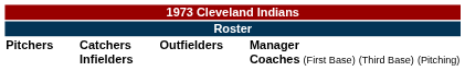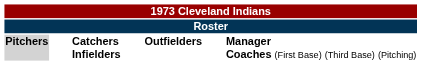 <table class="toccolours" style="font-size: 95%;">
 <tr>
 <th colspan="10" style="background-color: #990000; color: white; text-align: center;">1973 Cleveland Indians</th>
 </tr>
 <tr>
 <td colspan="10" style="background-color: #023456; color: white; text-align: center;"><strong>Roster</strong></td>
 </tr>
 <tr>
-<td valign="top"><strong>Pitchers</strong><br>               </td>
+<td valign="top" style="background: lightgrey;"><strong>Pitchers</strong><br>               </td>
 <td width="25px"></td>
 <td valign="top"><strong>Catchers</strong><br>   <strong>Infielders</strong>       </td>
 <td width="25px"></td>
 <td valign="top"><strong>Outfielders</strong><br>        </td>
 <td width="25px"></td>
 <td valign="top"><strong>Manager</strong><br> <strong>Coaches</strong>  <small>(First Base)</small>  <small>(Third Base)</small>   <small>(Pitching)</small></td>
 </tr>
 </table>
